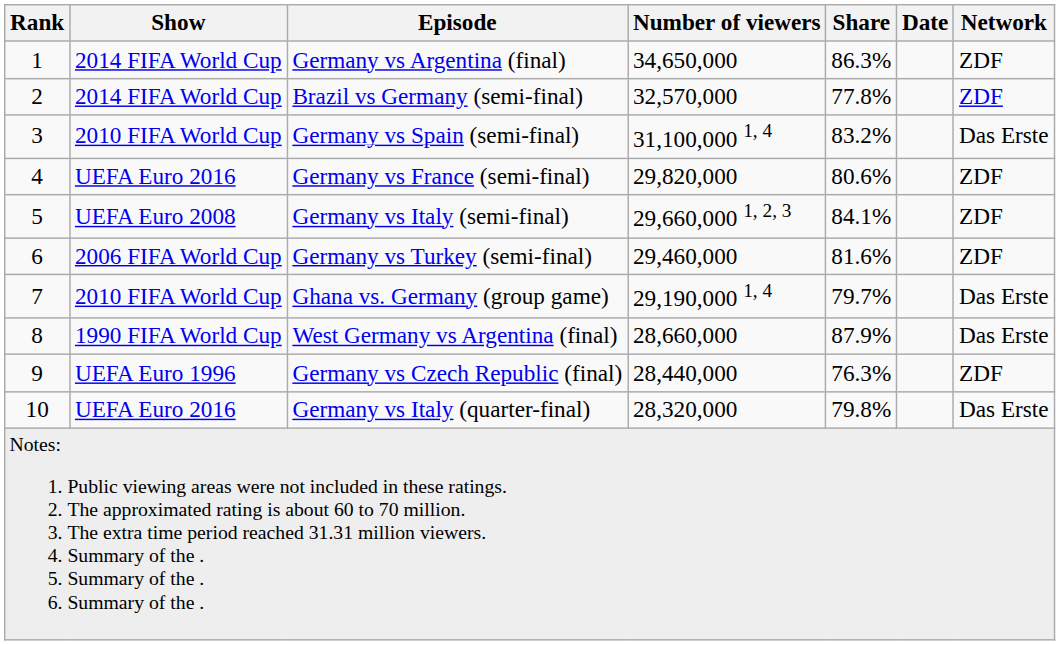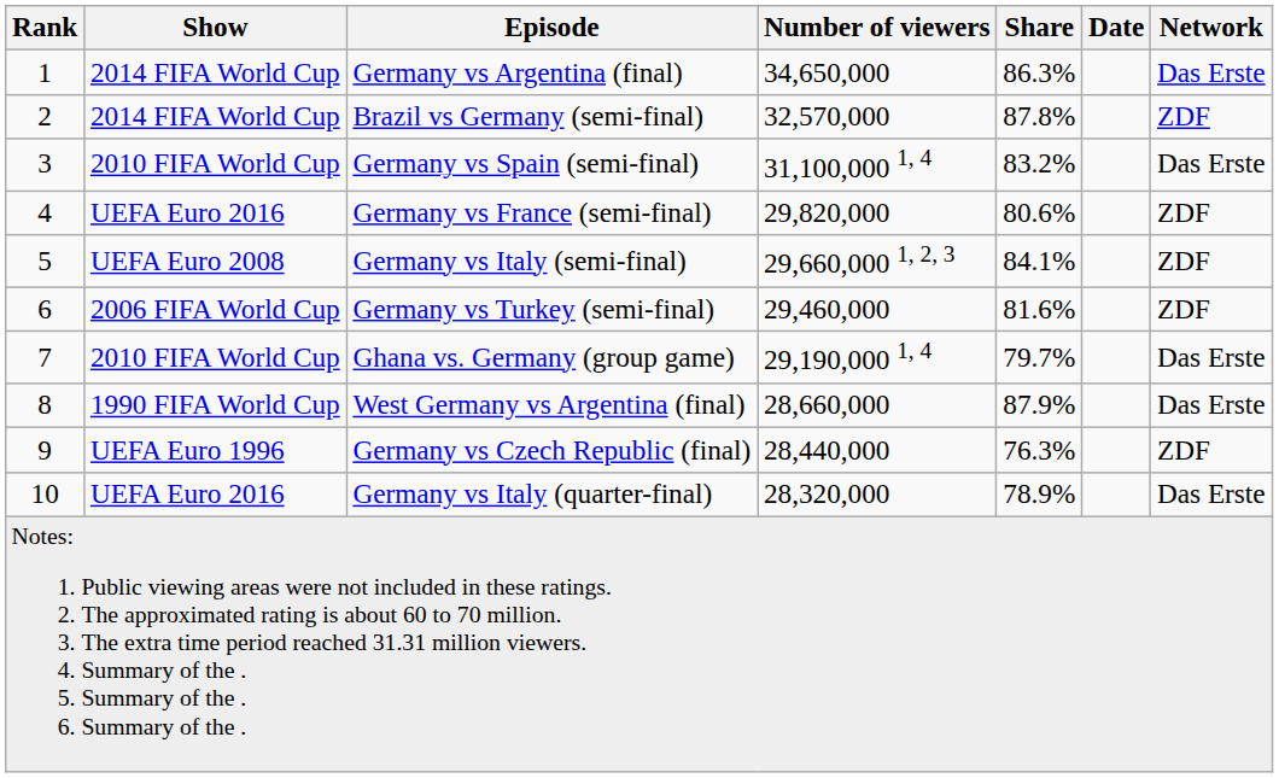 <table class="sortable wikitable">
 <tr>
 <th>Rank</th>
 <th>Show</th>
 <th>Episode</th>
 <th>Number of viewers</th>
 <th>Share</th>
 <th>Date</th>
 <th>Network</th>
 </tr>
 <tr>
 <td align="center">1</td>
 <td><a href='#'>2014 FIFA World Cup</a></td>
 <td><a href='#'>Germany vs Argentina</a> (final)</td>
 <td>34,650,000</td>
 <td>86.3%</td>
 <td></td>
-<td>ZDF</td>
+<td><a href='#'>Das Erste</a></td>
 </tr>
 <tr>
 <td align="center">2</td>
 <td><a href='#'>2014 FIFA World Cup</a></td>
 <td><a href='#'>Brazil vs Germany</a> (semi-final)</td>
 <td>32,570,000</td>
-<td>77.8%</td>
+<td>87.8%</td>
 <td></td>
 <td><a href='#'>ZDF</a></td>
 </tr>
 <tr>
 <td align="center">3</td>
 <td><a href='#'>2010 FIFA World Cup</a></td>
 <td><a href='#'>Germany vs Spain</a> (semi-final)</td>
 <td>31,100,000 <sup>1, 4</sup></td>
 <td>83.2%</td>
 <td></td>
 <td>Das Erste</td>
 </tr>
 <tr>
 <td align="center">4</td>
 <td><a href='#'>UEFA Euro 2016</a></td>
 <td><a href='#'>Germany vs France</a> (semi-final)</td>
 <td>29,820,000</td>
 <td>80.6%</td>
 <td></td>
 <td>ZDF</td>
 </tr>
 <tr>
 <td align="center">5</td>
 <td><a href='#'>UEFA Euro 2008</a></td>
 <td><a href='#'>Germany vs Italy</a> (semi-final)</td>
 <td>29,660,000 <sup>1, 2, 3</sup></td>
 <td>84.1%</td>
 <td></td>
 <td>ZDF</td>
 </tr>
 <tr>
 <td align="center">6</td>
 <td><a href='#'>2006 FIFA World Cup</a></td>
 <td><a href='#'>Germany vs Turkey</a> (semi-final)</td>
 <td>29,460,000</td>
 <td>81.6%</td>
 <td></td>
 <td>ZDF</td>
 </tr>
 <tr>
 <td align="center">7</td>
 <td><a href='#'>2010 FIFA World Cup</a></td>
 <td><a href='#'>Ghana vs. Germany</a> (group game)</td>
 <td>29,190,000 <sup>1, 4 </sup></td>
 <td>79.7%</td>
 <td></td>
 <td>Das Erste</td>
 </tr>
 <tr>
 <td align="center">8</td>
 <td><a href='#'>1990 FIFA World Cup</a></td>
 <td><a href='#'>West Germany vs Argentina</a> (final)</td>
 <td>28,660,000</td>
 <td>87.9%</td>
 <td></td>
 <td>Das Erste</td>
 </tr>
 <tr>
 <td align="center">9</td>
 <td><a href='#'>UEFA Euro 1996</a></td>
 <td><a href='#'>Germany vs Czech Republic</a> (final)</td>
 <td>28,440,000</td>
 <td>76.3%</td>
 <td></td>
 <td>ZDF</td>
 </tr>
 <tr>
 <td align="center">10</td>
 <td><a href='#'>UEFA Euro 2016</a></td>
 <td><a href='#'>Germany vs Italy</a> (quarter-final)</td>
 <td>28,320,000</td>
-<td>79.8%</td>
+<td>78.9%</td>
 <td></td>
 <td>Das Erste</td>
 </tr>
 <tr>
 <td colspan=7 style="font-size:85%" bgcolor="#eeeeee">Notes:<br><ol><li>Public viewing areas were not included in these ratings.</li><li>The approximated rating is about 60 to 70 million.</li><li>The extra time period reached 31.31 million viewers.</li><li>Summary of the .</li><li>Summary of the .</li><li>Summary of the .</li></ol></td>
 </tr>
 </table>
